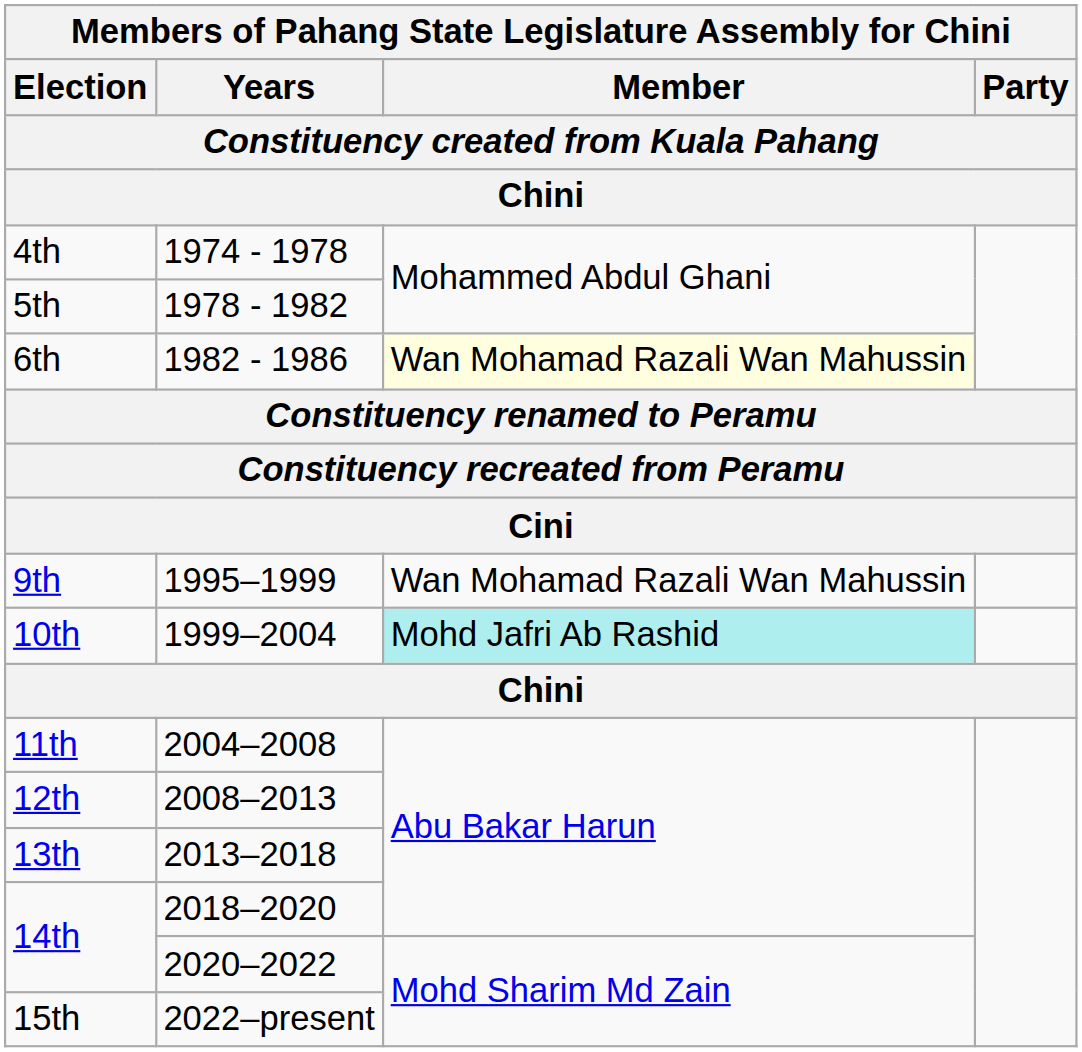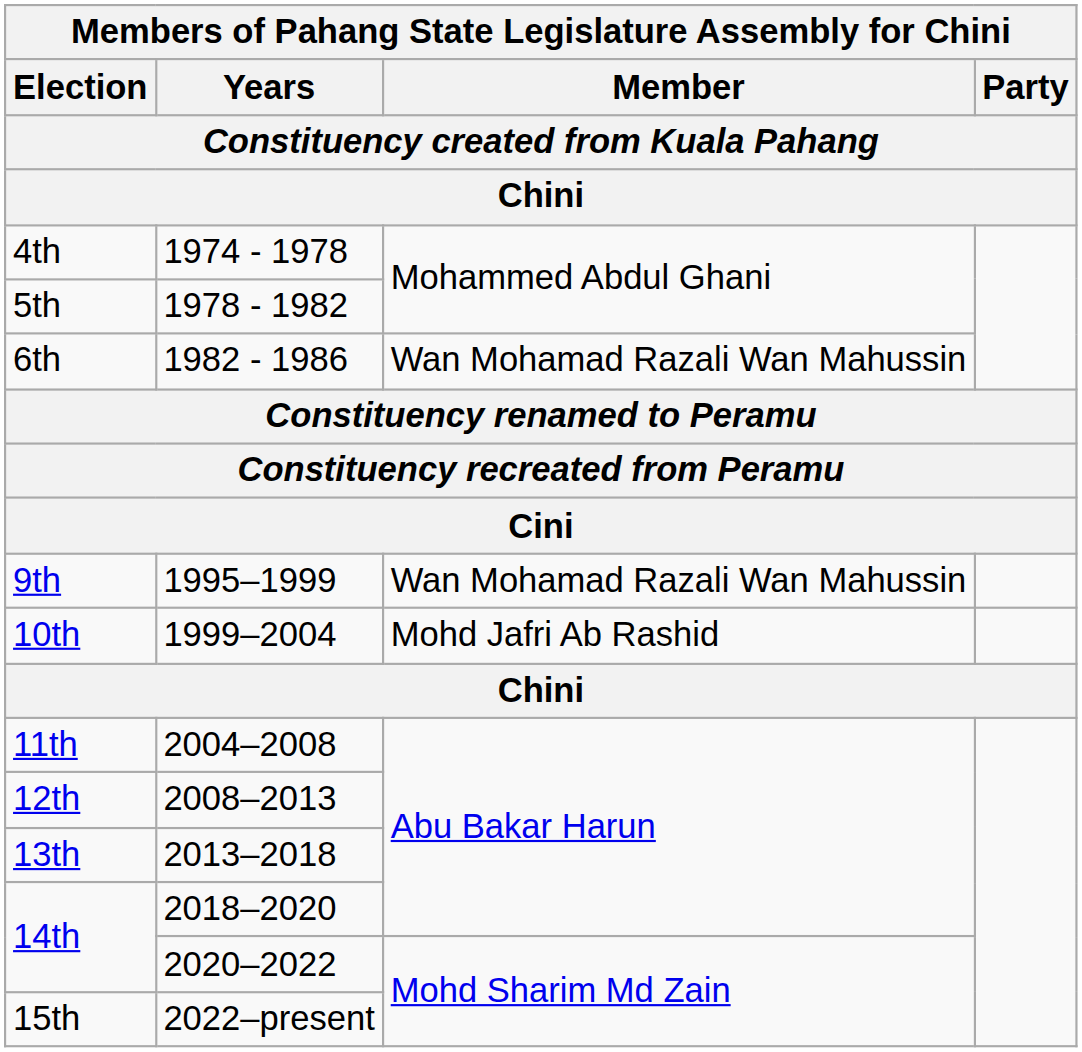 <table class=wikitable>
 <tr>
 <th colspan=4>Members of Pahang State Legislature Assembly for Chini</th>
 </tr>
 <tr>
 <th>Election</th>
 <th>Years</th>
 <th>Member</th>
 <th>Party</th>
 </tr>
 <tr>
 <th colspan="4"><em>Constituency created from Kuala Pahang</em></th>
 </tr>
 <tr>
 <th colspan="4">Chini</th>
 </tr>
 <tr>
 <td>4th</td>
 <td>1974 - 1978</td>
 <td rowspan="2">Mohammed Abdul Ghani</td>
 <td rowspan="3"></td>
 </tr>
 <tr>
 <td>5th</td>
 <td>1978 - 1982</td>
 </tr>
 <tr>
 <td>6th</td>
 <td>1982 - 1986</td>
-<td style="background: lightyellow;">Wan Mohamad Razali Wan Mahussin</td>
+<td>Wan Mohamad Razali Wan Mahussin</td>
 </tr>
 <tr>
 <th colspan="4"><em>Constituency renamed to Peramu</em></th>
 </tr>
 <tr>
 <th colspan="4"><em>Constituency recreated from Peramu</em></th>
 </tr>
 <tr>
 <th colspan="4" align="center">Cini</th>
 </tr>
 <tr>
 <td><a href='#'>9th</a></td>
 <td>1995–1999</td>
 <td>Wan Mohamad Razali Wan Mahussin</td>
 <td></td>
 </tr>
 <tr>
 <td><a href='#'>10th</a></td>
 <td>1999–2004</td>
-<td style="background: paleturquoise;">Mohd Jafri Ab Rashid</td>
+<td>Mohd Jafri Ab Rashid</td>
 <td></td>
 </tr>
 <tr>
 <th colspan=4 align=center>Chini</th>
 </tr>
 <tr>
 <td><a href='#'>11th</a></td>
 <td>2004–2008</td>
 <td rowspan=4><a href='#'>Abu Bakar Harun</a></td>
 <td rowspan=6></td>
 </tr>
 <tr>
 <td><a href='#'>12th</a></td>
 <td>2008–2013</td>
 </tr>
 <tr>
 <td><a href='#'>13th</a></td>
 <td>2013–2018</td>
 </tr>
 <tr>
 <td rowspan=2><a href='#'>14th</a></td>
 <td>2018–2020</td>
 </tr>
 <tr>
 <td>2020–2022</td>
 <td rowspan=2><a href='#'>Mohd Sharim Md Zain</a></td>
 </tr>
 <tr>
 <td>15th</td>
 <td>2022–present</td>
 </tr>
 </table>
